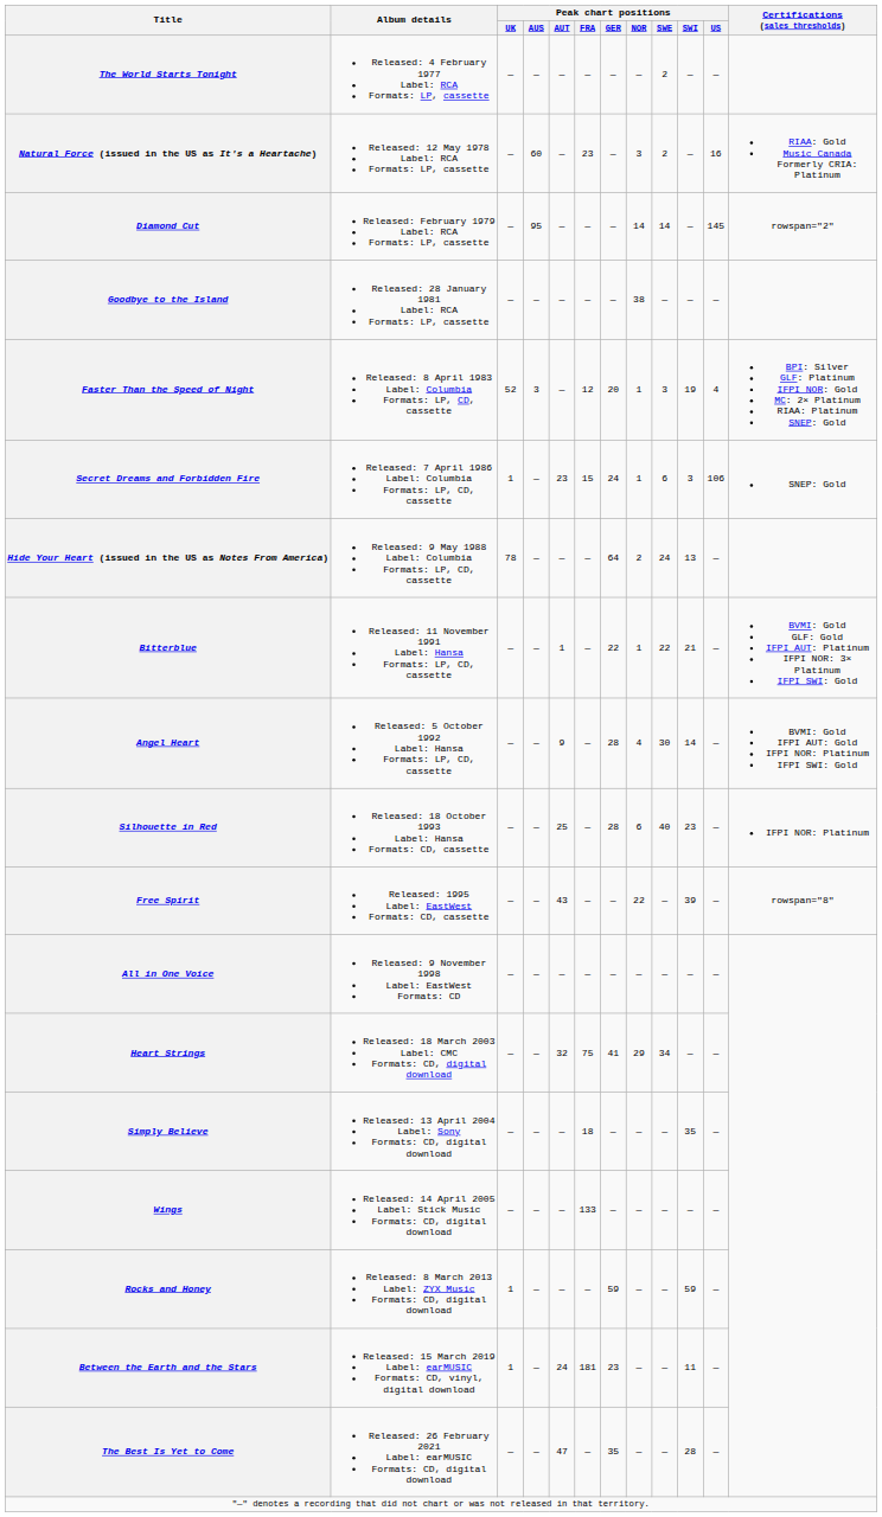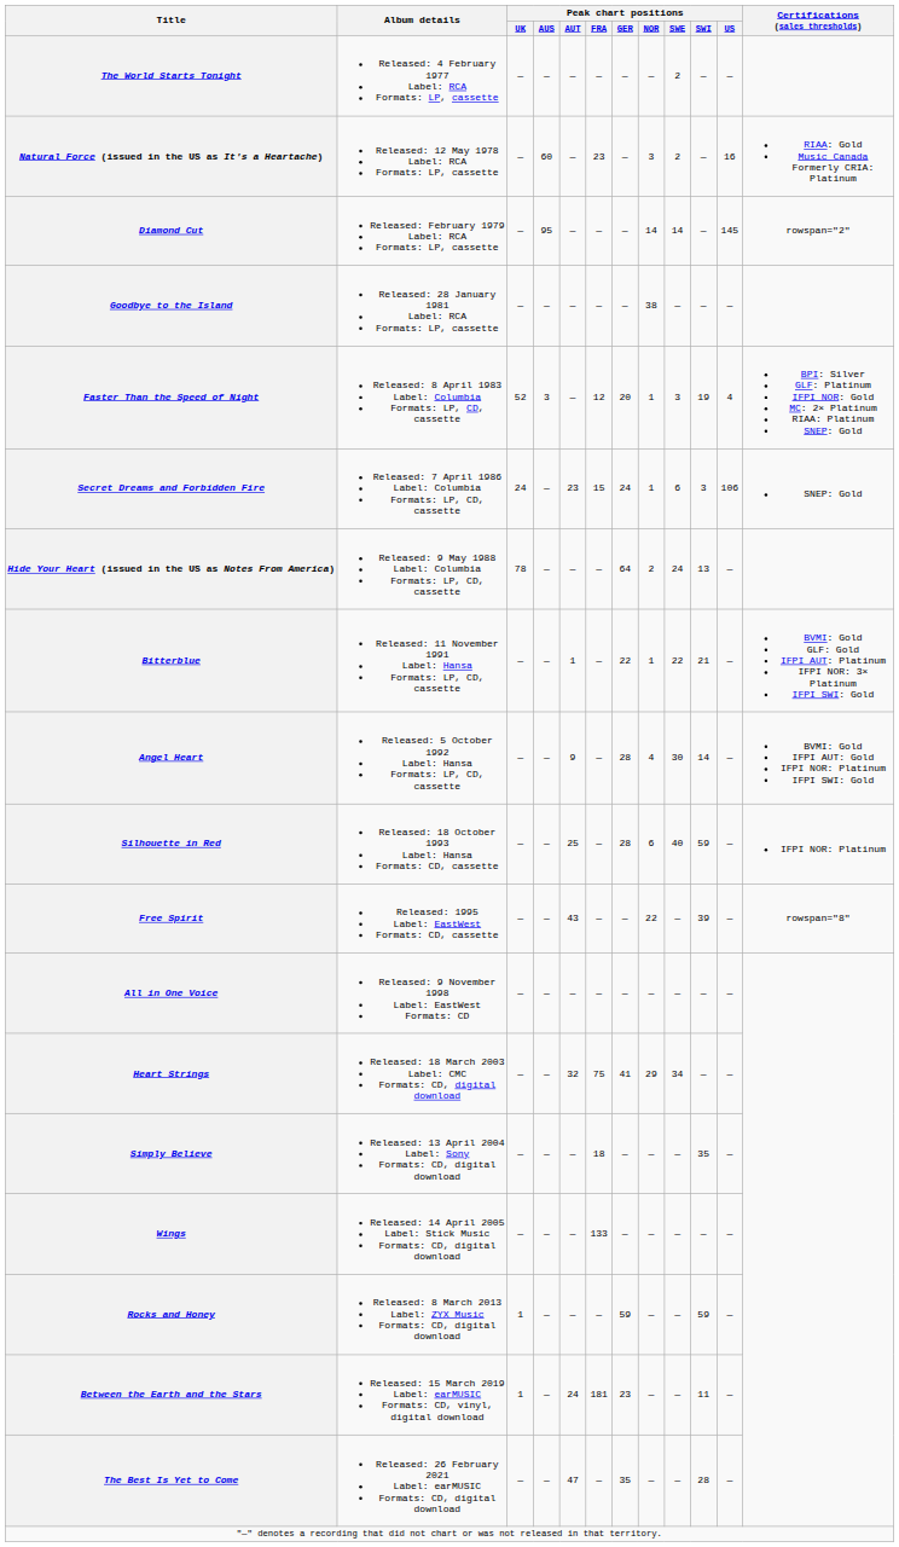 <table class="wikitable plainrowheaders" style="text-align:center;">
 <tr>
 <th scope="col" rowspan="2">Title</th>
 <th scope="col" rowspan="2" style="width:17em;">Album details</th>
 <th scope="col" colspan="9">Peak chart positions</th>
 <th scope="col" rowspan="2" style="width:15em;"><a href='#'>Certifications</a><br><small>(<a href='#'>sales thresholds</a>)</small></th>
 </tr>
 <tr>
 <th scope="col" style="width:2.5em;font-size:90%;"><a href='#'>UK</a><br></th>
 <th scope="col" style="width:2.5em;font-size:90%;"><a href='#'>AUS</a><br></th>
 <th scope="col" style="width:2.5em;font-size:90%;"><a href='#'>AUT</a><br></th>
 <th scope="col" style="width:2.5em;font-size:90%;"><a href='#'>FRA</a><br></th>
 <th scope="col" style="width:2.5em;font-size:90%;"><a href='#'>GER</a><br></th>
 <th scope="col" style="width:2.5em;font-size:90%;"><a href='#'>NOR</a><br></th>
 <th scope="col" style="width:2.5em;font-size:90%;"><a href='#'>SWE</a><br></th>
 <th scope="col" style="width:2.5em;font-size:90%;"><a href='#'>SWI</a><br></th>
 <th scope="col" style="width:2.5em;font-size:90%;"><a href='#'>US</a><br></th>
 </tr>
 <tr>
 <th scope="row"><em><a href='#'>The World Starts Tonight</a></em></th>
 <td><br><ul><li>Released: 4 February 1977</li><li>Label: <a href='#'>RCA</a></li><li>Formats: <a href='#'>LP</a>, <a href='#'>cassette</a></li></ul></td>
 <td>—</td>
 <td>—</td>
 <td>—</td>
 <td>—</td>
 <td>—</td>
 <td>—</td>
 <td>2</td>
 <td>—</td>
 <td>—</td>
 <td></td>
 </tr>
 <tr>
 <th scope="row"><em><a href='#'>Natural Force</a></em> (issued in the US as <em>It's a Heartache</em>)</th>
 <td><br><ul><li>Released: 12 May 1978</li><li>Label: RCA</li><li>Formats: LP, cassette</li></ul></td>
 <td>—</td>
 <td>60</td>
 <td>—</td>
 <td>23</td>
 <td>—</td>
 <td>3</td>
 <td>2</td>
 <td>—</td>
 <td>16</td>
 <td><br><ul><li><a href='#'>RIAA</a>: Gold</li><li><a href='#'>Music Canada</a> Formerly CRIA: Platinum</li></ul></td>
 </tr>
 <tr>
 <th scope="row"><em><a href='#'>Diamond Cut</a></em></th>
 <td><br><ul><li>Released: February 1979</li><li>Label: RCA</li><li>Formats: LP, cassette</li></ul></td>
 <td>—</td>
 <td>95</td>
 <td>—</td>
 <td>—</td>
 <td>—</td>
 <td>14</td>
 <td>14</td>
 <td>—</td>
 <td>145</td>
 <td>rowspan="2" </td>
 </tr>
 <tr>
 <th scope="row"><em><a href='#'>Goodbye to the Island</a></em></th>
 <td><br><ul><li>Released: 28 January 1981</li><li>Label: RCA</li><li>Formats: LP, cassette</li></ul></td>
 <td>—</td>
 <td>—</td>
 <td>—</td>
 <td>—</td>
 <td>—</td>
 <td>38</td>
 <td>—</td>
 <td>—</td>
 <td>—</td>
 </tr>
 <tr>
 <th scope="row"><em><a href='#'>Faster Than the Speed of Night</a></em></th>
 <td><br><ul><li>Released: 8 April 1983</li><li>Label: <a href='#'>Columbia</a></li><li>Formats: LP, <a href='#'>CD</a>, cassette</li></ul></td>
 <td>52</td>
 <td>3</td>
 <td>—</td>
 <td>12</td>
 <td>20</td>
 <td>1</td>
 <td>3</td>
 <td>19</td>
 <td>4</td>
 <td><br><ul><li><a href='#'>BPI</a>: Silver</li><li><a href='#'>GLF</a>: Platinum</li><li><a href='#'>IFPI NOR</a>: Gold</li><li><a href='#'>MC</a>: 2× Platinum</li><li>RIAA: Platinum</li><li><a href='#'>SNEP</a>: Gold</li></ul></td>
 </tr>
 <tr>
 <th scope="row"><em><a href='#'>Secret Dreams and Forbidden Fire</a></em></th>
 <td><br><ul><li>Released: 7 April 1986</li><li>Label: Columbia</li><li>Formats: LP, CD, cassette</li></ul></td>
-<td>1</td>
+<td>24</td>
 <td>—</td>
 <td>23</td>
 <td>15</td>
 <td>24</td>
 <td>1</td>
 <td>6</td>
 <td>3</td>
 <td>106</td>
 <td><br><ul><li>SNEP: Gold</li></ul></td>
 </tr>
 <tr>
 <th scope="row"><em><a href='#'>Hide Your Heart</a></em> (issued in the US as <em>Notes From America</em>)</th>
 <td><br><ul><li>Released: 9 May 1988</li><li>Label: Columbia</li><li>Formats: LP, CD, cassette</li></ul></td>
 <td>78</td>
 <td>—</td>
 <td>—</td>
 <td>—</td>
 <td>64</td>
 <td>2</td>
 <td>24</td>
 <td>13</td>
 <td>—</td>
 <td></td>
 </tr>
 <tr>
 <th scope="row"><em><a href='#'>Bitterblue</a></em></th>
 <td><br><ul><li>Released: 11 November 1991</li><li>Label: <a href='#'>Hansa</a></li><li>Formats: LP, CD, cassette</li></ul></td>
 <td>—</td>
 <td>—</td>
 <td>1</td>
 <td>—</td>
 <td>22</td>
 <td>1</td>
 <td>22</td>
 <td>21</td>
 <td>—</td>
 <td><br><ul><li><a href='#'>BVMI</a>: Gold</li><li>GLF: Gold</li><li><a href='#'>IFPI AUT</a>: Platinum</li><li>IFPI NOR: 3× Platinum</li><li><a href='#'>IFPI SWI</a>: Gold</li></ul></td>
 </tr>
 <tr>
 <th scope="row"><em><a href='#'>Angel Heart</a></em></th>
 <td><br><ul><li>Released: 5 October 1992</li><li>Label: Hansa</li><li>Formats: LP, CD, cassette</li></ul></td>
 <td>—</td>
 <td>—</td>
 <td>9</td>
 <td>—</td>
 <td>28</td>
 <td>4</td>
 <td>30</td>
 <td>14</td>
 <td>—</td>
 <td><br><ul><li>BVMI: Gold</li><li>IFPI AUT: Gold</li><li>IFPI NOR: Platinum</li><li>IFPI SWI: Gold</li></ul></td>
 </tr>
 <tr>
 <th scope="row"><em><a href='#'>Silhouette in Red</a></em></th>
 <td><br><ul><li>Released: 18 October 1993</li><li>Label: Hansa</li><li>Formats: CD, cassette</li></ul></td>
 <td>—</td>
 <td>—</td>
 <td>25</td>
 <td>—</td>
 <td>28</td>
 <td>6</td>
 <td>40</td>
-<td>23</td>
+<td>59</td>
 <td>—</td>
 <td><br><ul><li>IFPI NOR: Platinum</li></ul></td>
 </tr>
 <tr>
 <th scope="row"><em><a href='#'>Free Spirit</a></em></th>
 <td><br><ul><li>Released: 1995</li><li>Label: <a href='#'>EastWest</a></li><li>Formats: CD, cassette</li></ul></td>
 <td>—</td>
 <td>—</td>
 <td>43</td>
 <td>—</td>
 <td>—</td>
 <td>22</td>
 <td>—</td>
 <td>39</td>
 <td>—</td>
 <td>rowspan="8" </td>
 </tr>
 <tr>
 <th scope="row"><em><a href='#'>All in One Voice</a></em></th>
 <td><br><ul><li>Released: 9 November 1998</li><li>Label: EastWest</li><li>Formats: CD</li></ul></td>
 <td>—</td>
 <td>—</td>
 <td>—</td>
 <td>—</td>
 <td>—</td>
 <td>—</td>
 <td>—</td>
 <td>—</td>
 <td>—</td>
 </tr>
 <tr>
 <th scope="row"><em><a href='#'>Heart Strings</a></em></th>
 <td><br><ul><li>Released: 18 March 2003</li><li>Label: CMC</li><li>Formats: CD, <a href='#'>digital download</a></li></ul></td>
 <td>—</td>
 <td>—</td>
 <td>32</td>
 <td>75</td>
 <td>41</td>
 <td>29</td>
 <td>34</td>
 <td>—</td>
 <td>—</td>
 </tr>
 <tr>
 <th scope="row"><em><a href='#'>Simply Believe</a></em></th>
 <td><br><ul><li>Released: 13 April 2004</li><li>Label: <a href='#'>Sony</a></li><li>Formats: CD, digital download</li></ul></td>
 <td>—</td>
 <td>—</td>
 <td>—</td>
 <td>18</td>
 <td>—</td>
 <td>—</td>
 <td>—</td>
 <td>35</td>
 <td>—</td>
 </tr>
 <tr>
 <th scope="row"><em><a href='#'>Wings</a></em></th>
 <td><br><ul><li>Released: 14 April 2005</li><li>Label: Stick Music</li><li>Formats: CD, digital download</li></ul></td>
 <td>—</td>
 <td>—</td>
 <td>—</td>
 <td>133</td>
 <td>—</td>
 <td>—</td>
 <td>—</td>
 <td>—</td>
 <td>—</td>
 </tr>
 <tr>
 <th scope="row"><em><a href='#'>Rocks and Honey</a></em></th>
 <td><br><ul><li>Released: 8 March 2013</li><li>Label: <a href='#'>ZYX Music</a></li><li>Formats: CD, digital download</li></ul></td>
 <td>1</td>
 <td>—</td>
 <td>—</td>
 <td>—</td>
 <td>59</td>
 <td>—</td>
 <td>—</td>
 <td>59</td>
 <td>—</td>
 </tr>
 <tr>
 <th scope="row"><em><a href='#'>Between the Earth and the Stars</a></em></th>
 <td><br><ul><li>Released: 15 March 2019</li><li>Label: <a href='#'>earMUSIC</a></li><li>Formats: CD, vinyl, digital download</li></ul></td>
 <td>1</td>
 <td>—</td>
 <td>24</td>
 <td>181</td>
 <td>23</td>
 <td>—</td>
 <td>—</td>
 <td>11</td>
 <td>—</td>
 </tr>
 <tr>
 <th scope="row"><em><a href='#'>The Best Is Yet to Come</a></em></th>
 <td><br><ul><li>Released: 26 February 2021</li><li>Label: earMUSIC</li><li>Formats: CD, digital download</li></ul></td>
 <td>—</td>
 <td>—</td>
 <td>47</td>
 <td>—</td>
 <td>35</td>
 <td>—</td>
 <td>—</td>
 <td>28</td>
 <td>—</td>
 </tr>
 <tr>
 <td colspan="14" style="font-size:90%">"—" denotes a recording that did not chart or was not released in that territory.</td>
 </tr>
 </table>
